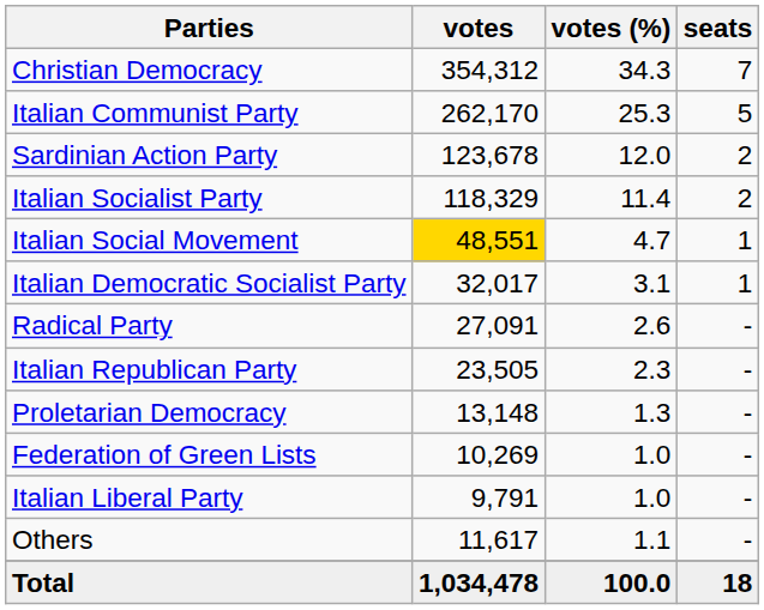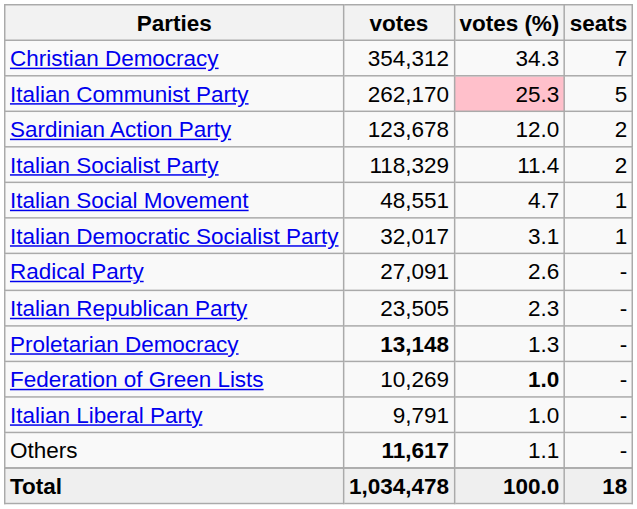 <table class="wikitable" style="font-size:95%">
 <tr bgcolor="EFEFEF">
 <th>Parties</th>
 <th>votes</th>
 <th>votes (%)</th>
 <th>seats</th>
 </tr>
 <tr>
 <td><a href='#'>Christian Democracy</a></td>
 <td align=right>354,312</td>
 <td align=right>34.3</td>
 <td align=right>7</td>
 </tr>
 <tr>
 <td><a href='#'>Italian Communist Party</a></td>
 <td align=right>262,170</td>
-<td align=right>25.3</td>
+<td align=right style="background: pink;">25.3</td>
 <td align=right>5</td>
 </tr>
 <tr>
 <td><a href='#'>Sardinian Action Party</a></td>
 <td align=right>123,678</td>
 <td align=right>12.0</td>
 <td align=right>2</td>
 </tr>
 <tr>
 <td><a href='#'>Italian Socialist Party</a></td>
 <td align=right>118,329</td>
 <td align=right>11.4</td>
 <td align=right>2</td>
 </tr>
 <tr>
 <td><a href='#'>Italian Social Movement</a></td>
-<td align=right style="background: gold;">48,551</td>
+<td align=right>48,551</td>
 <td align=right>4.7</td>
 <td align=right>1</td>
 </tr>
 <tr>
 <td><a href='#'>Italian Democratic Socialist Party</a></td>
 <td align=right>32,017</td>
 <td align=right>3.1</td>
 <td align=right>1</td>
 </tr>
 <tr>
 <td><a href='#'>Radical Party</a></td>
 <td align=right>27,091</td>
 <td align=right>2.6</td>
 <td align=right>-</td>
 </tr>
 <tr>
 <td><a href='#'>Italian Republican Party</a></td>
 <td align=right>23,505</td>
 <td align=right>2.3</td>
 <td align=right>-</td>
 </tr>
 <tr>
 <td><a href='#'>Proletarian Democracy</a></td>
-<td align=right>13,148</td>
+<td align=right><strong>13,148</strong></td>
 <td align=right>1.3</td>
 <td align=right>-</td>
 </tr>
 <tr>
 <td><a href='#'>Federation of Green Lists</a></td>
 <td align=right>10,269</td>
-<td align=right>1.0</td>
+<td align=right><strong>1.0</strong></td>
 <td align=right>-</td>
 </tr>
 <tr>
 <td><a href='#'>Italian Liberal Party</a></td>
 <td align=right>9,791</td>
 <td align=right>1.0</td>
 <td align=right>-</td>
 </tr>
 <tr>
 <td>Others</td>
-<td align=right>11,617</td>
+<td align=right><strong>11,617</strong></td>
 <td align=right>1.1</td>
 <td align=right>-</td>
 </tr>
 <tr>
 </tr>
 <tr bgcolor="EFEFEF">
 <td><strong>Total</strong></td>
 <td align=right><strong>1,034,478</strong></td>
 <td align=right><strong>100.0</strong></td>
 <td align=right><strong>18</strong></td>
 </tr>
 </table>
